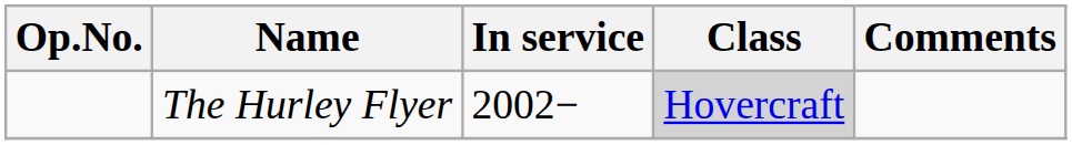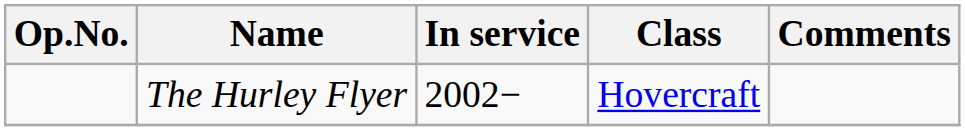 <table class="wikitable">
 <tr>
 <th>Op.No.</th>
 <th>Name</th>
 <th>In service</th>
 <th>Class</th>
 <th>Comments</th>
 </tr>
 <tr>
 <td></td>
 <td><em>The Hurley Flyer</em></td>
 <td>2002−</td>
-<td style="background: lightgrey;"><a href='#'>Hovercraft</a></td>
+<td><a href='#'>Hovercraft</a></td>
 <td></td>
 </tr>
 <tr>
 </tr>
 </table>
